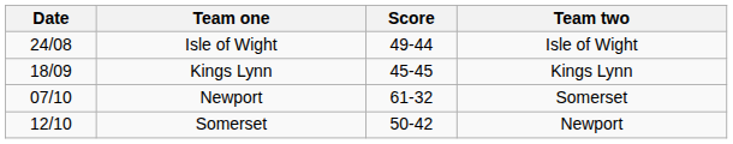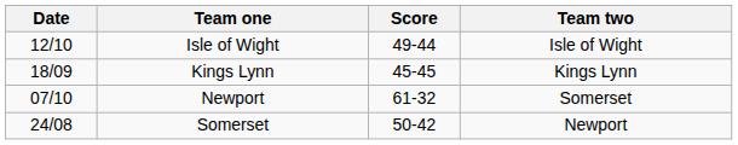 <table class="wikitable" style="text-align: center">
 <tr>
 <th width=80>Date</th>
 <th width=250>Team one</th>
 <th width=80>Score</th>
 <th width=250>Team two</th>
 </tr>
 <tr>
-<td>24/08</td>
+<td>12/10</td>
 <td>Isle of Wight</td>
 <td>49-44</td>
 <td>Isle of Wight</td>
 </tr>
 <tr>
 <td>18/09</td>
 <td>Kings Lynn</td>
 <td>45-45</td>
 <td>Kings Lynn</td>
 </tr>
 <tr>
 <td>07/10</td>
 <td>Newport</td>
 <td>61-32</td>
 <td>Somerset</td>
 </tr>
 <tr>
-<td>12/10</td>
+<td>24/08</td>
 <td>Somerset</td>
 <td>50-42</td>
 <td>Newport</td>
 </tr>
 </table>
